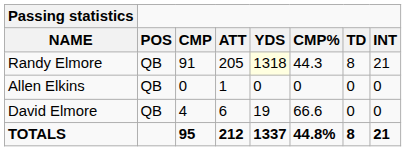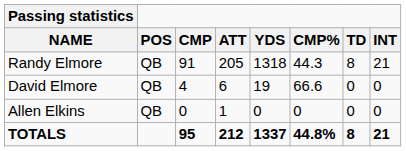 <table class="wikitable">
 <tr>
 <th style="text-align:center; ">Passing statistics</th>
 </tr>
 <tr>
 <th>NAME</th>
 <th>POS</th>
 <th>CMP</th>
 <th>ATT</th>
 <th>YDS</th>
 <th>CMP%</th>
 <th>TD</th>
 <th>INT</th>
 </tr>
 <tr>
 <td>Randy Elmore</td>
 <td>QB</td>
 <td>91</td>
 <td>205</td>
-<td style="background: lightyellow;">1318</td>
+<td>1318</td>
 <td>44.3</td>
 <td>8</td>
 <td>21</td>
+</tr>
+<tr>
+<td>David Elmore</td>
+<td>QB</td>
+<td>4</td>
+<td>6</td>
+<td>19</td>
+<td>66.6</td>
+<td>0</td>
+<td>0</td>
 </tr>
 <tr>
 <td>Allen Elkins</td>
 <td>QB</td>
 <td>0</td>
 <td>1</td>
 <td>0</td>
 <td>0</td>
-<td>0</td>
-<td>0</td>
-</tr>
-<tr>
-<td>David Elmore</td>
-<td>QB</td>
-<td>4</td>
-<td>6</td>
-<td>19</td>
-<td>66.6</td>
 <td>0</td>
 <td>0</td>
 </tr>
 <tr>
 <td><strong>TOTALS</strong></td>
 <td></td>
 <td><strong>95</strong></td>
 <td><strong>212</strong></td>
 <td><strong>1337</strong></td>
 <td><strong>44.8%</strong></td>
 <td><strong>8</strong></td>
 <td><strong>21</strong></td>
 </tr>
 </table>
